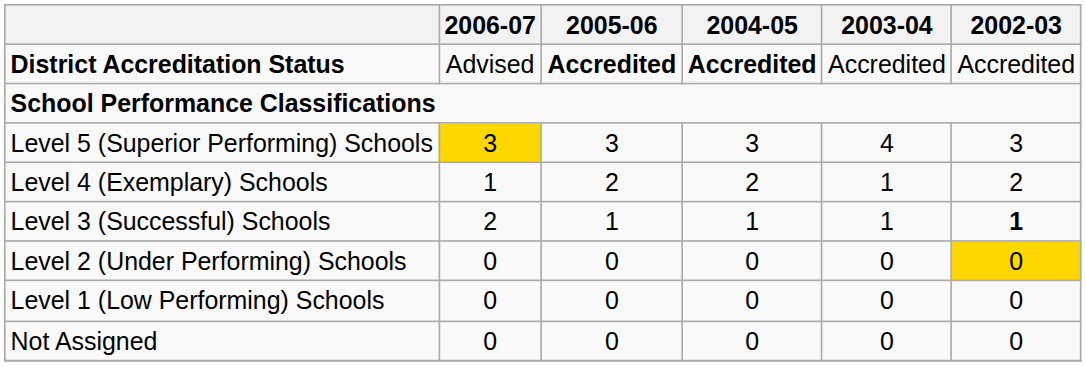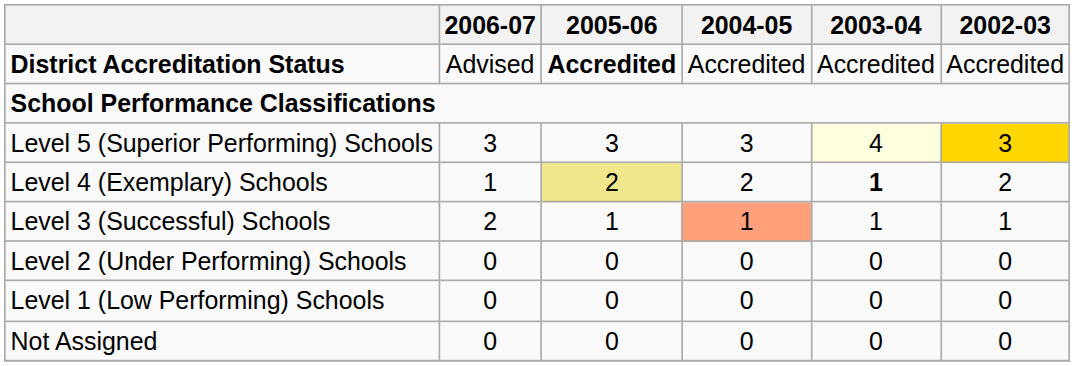 <table class="wikitable" style="font-size: 95%;">
 <tr>
 <th></th>
 <th>2006-07</th>
 <th>2005-06</th>
 <th>2004-05</th>
 <th>2003-04</th>
 <th>2002-03</th>
 </tr>
 <tr>
 <td align="left"><strong>District Accreditation Status</strong></td>
 <td align="center">Advised</td>
 <td align="center"><strong>Accredited</strong></td>
-<td align="center"><strong>Accredited</strong></td>
+<td align="center">Accredited</td>
 <td align="center">Accredited</td>
 <td align="center">Accredited</td>
 </tr>
 <tr>
 <td align="left" colspan="6"><strong>School Performance Classifications</strong></td>
 </tr>
 <tr>
 <td align="left">Level 5 (Superior Performing) Schools</td>
-<td align="center" style="background: gold;">3</td>
 <td align="center">3</td>
 <td align="center">3</td>
-<td align="center">4</td>
 <td align="center">3</td>
+<td align="center" style="background: lightyellow;">4</td>
+<td align="center" style="background: gold;">3</td>
 </tr>
 <tr>
 <td align="left">Level 4 (Exemplary) Schools</td>
 <td align="center">1</td>
+<td align="center" style="background: khaki;">2</td>
 <td align="center">2</td>
-<td align="center">2</td>
-<td align="center">1</td>
+<td align="center"><strong>1</strong></td>
 <td align="center">2</td>
 </tr>
 <tr>
 <td align="left">Level 3 (Successful) Schools</td>
 <td align="center">2</td>
 <td align="center">1</td>
+<td align="center" style="background: lightsalmon;">1</td>
 <td align="center">1</td>
 <td align="center">1</td>
-<td align="center"><strong>1</strong></td>
 </tr>
 <tr>
 <td align="left">Level 2 (Under Performing) Schools</td>
 <td align="center">0</td>
 <td align="center">0</td>
 <td align="center">0</td>
 <td align="center">0</td>
-<td align="center" style="background: gold;">0</td>
+<td align="center">0</td>
 </tr>
 <tr>
 <td align="left">Level 1 (Low Performing) Schools</td>
 <td align="center">0</td>
 <td align="center">0</td>
 <td align="center">0</td>
 <td align="center">0</td>
 <td align="center">0</td>
 </tr>
 <tr>
 <td align="left">Not Assigned</td>
 <td align="center">0</td>
 <td align="center">0</td>
 <td align="center">0</td>
 <td align="center">0</td>
 <td align="center">0</td>
 </tr>
 <tr>
 </tr>
 </table>
